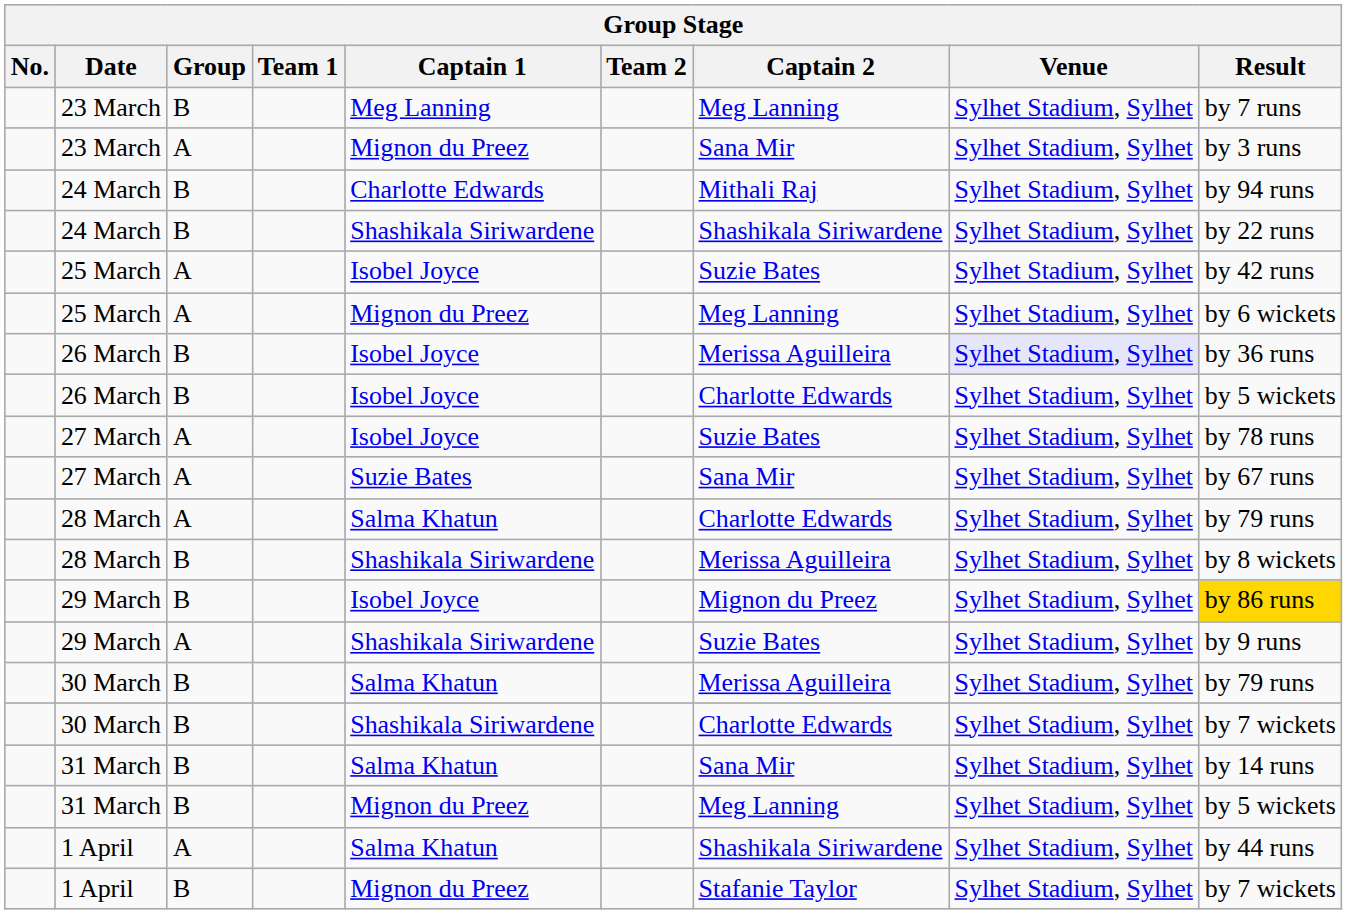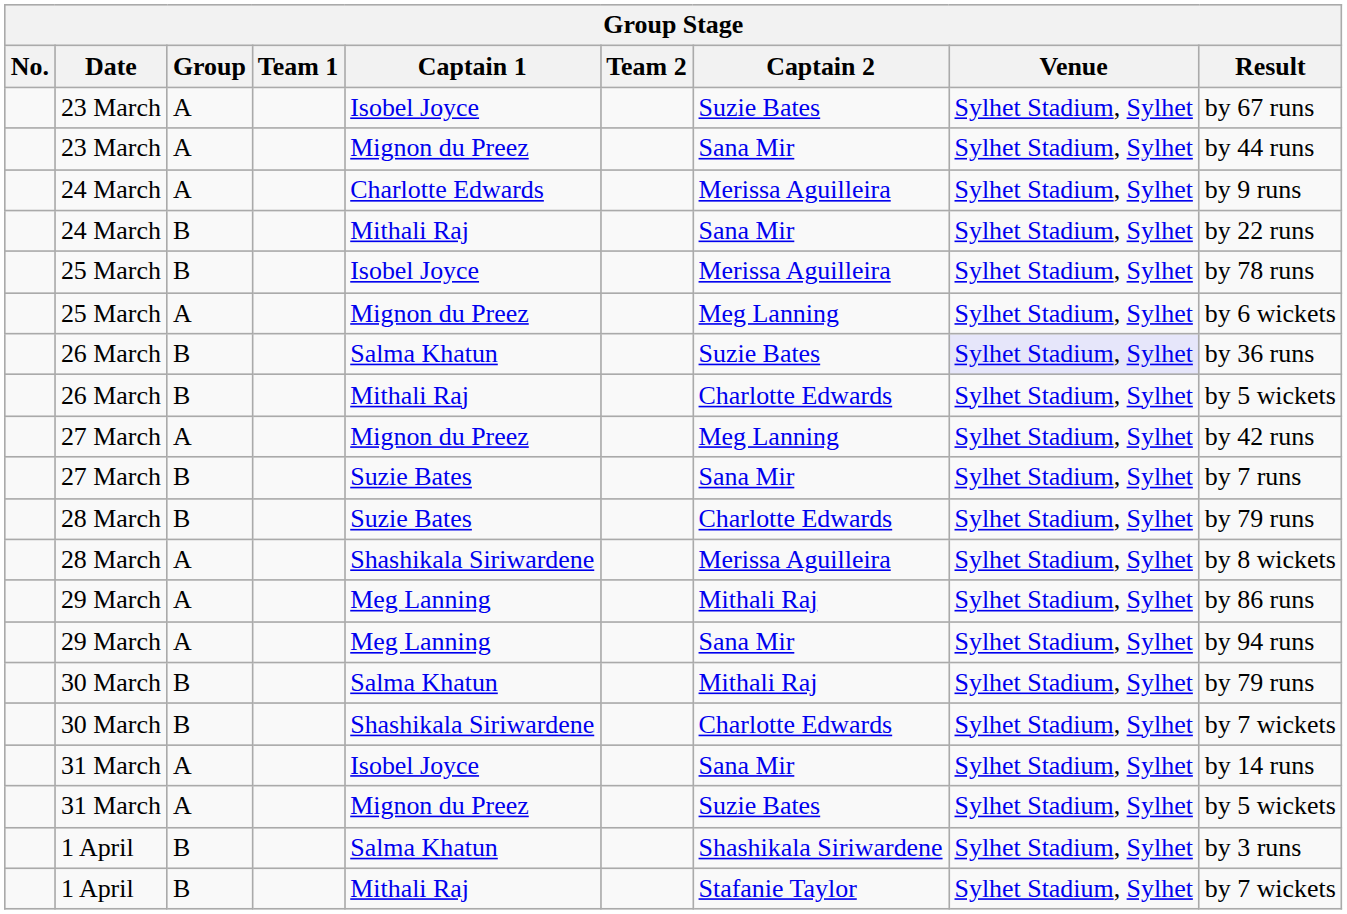 <table class="wikitable">
 <tr>
 <th colspan="9">Group Stage</th>
 </tr>
 <tr>
 <th>No.</th>
 <th>Date</th>
 <th>Group</th>
 <th>Team 1</th>
 <th>Captain 1</th>
 <th>Team 2</th>
 <th>Captain 2</th>
 <th>Venue</th>
 <th>Result</th>
 </tr>
 <tr>
 <td></td>
 <td>23 March</td>
-<td>B</td>
+<td>A</td>
 <td></td>
-<td><a href='#'>Meg Lanning</a></td>
+<td><a href='#'>Isobel Joyce</a></td>
 <td></td>
-<td><a href='#'>Meg Lanning</a></td>
+<td><a href='#'>Suzie Bates</a></td>
 <td><a href='#'>Sylhet Stadium</a>, <a href='#'>Sylhet</a></td>
-<td> by 7 runs</td>
+<td> by 67 runs</td>
 </tr>
 <tr>
 <td></td>
 <td>23 March</td>
 <td>A</td>
 <td></td>
 <td><a href='#'>Mignon du Preez</a></td>
 <td></td>
 <td><a href='#'>Sana Mir</a></td>
 <td><a href='#'>Sylhet Stadium</a>, <a href='#'>Sylhet</a></td>
-<td> by 3 runs</td>
+<td> by 44 runs</td>
+</tr>
+<tr>
+<td></td>
+<td>24 March</td>
+<td>A</td>
+<td></td>
+<td><a href='#'>Charlotte Edwards</a></td>
+<td></td>
+<td><a href='#'>Merissa Aguilleira</a></td>
+<td><a href='#'>Sylhet Stadium</a>, <a href='#'>Sylhet</a></td>
+<td> by 9 runs</td>
 </tr>
 <tr>
 <td></td>
 <td>24 March</td>
 <td>B</td>
 <td></td>
-<td><a href='#'>Charlotte Edwards</a></td>
+<td><a href='#'>Mithali Raj</a></td>
 <td></td>
-<td><a href='#'>Mithali Raj</a></td>
-<td><a href='#'>Sylhet Stadium</a>, <a href='#'>Sylhet</a></td>
-<td> by 94 runs</td>
-</tr>
-<tr>
-<td></td>
-<td>24 March</td>
-<td>B</td>
-<td></td>
-<td><a href='#'>Shashikala Siriwardene</a></td>
-<td></td>
-<td><a href='#'>Shashikala Siriwardene</a></td>
+<td><a href='#'>Sana Mir</a></td>
 <td><a href='#'>Sylhet Stadium</a>, <a href='#'>Sylhet</a></td>
 <td> by 22 runs</td>
 </tr>
 <tr>
 <td></td>
 <td>25 March</td>
-<td>A</td>
+<td>B</td>
 <td></td>
 <td><a href='#'>Isobel Joyce</a></td>
 <td></td>
-<td><a href='#'>Suzie Bates</a></td>
+<td><a href='#'>Merissa Aguilleira</a></td>
 <td><a href='#'>Sylhet Stadium</a>, <a href='#'>Sylhet</a></td>
-<td> by 42 runs</td>
+<td> by 78 runs</td>
 </tr>
 <tr>
 <td></td>
 <td>25 March</td>
 <td>A</td>
 <td></td>
 <td><a href='#'>Mignon du Preez</a></td>
 <td></td>
 <td><a href='#'>Meg Lanning</a></td>
 <td><a href='#'>Sylhet Stadium</a>, <a href='#'>Sylhet</a></td>
 <td> by 6 wickets</td>
 </tr>
 <tr>
 <td></td>
 <td>26 March</td>
 <td>B</td>
 <td></td>
-<td><a href='#'>Isobel Joyce</a></td>
+<td><a href='#'>Salma Khatun</a></td>
 <td></td>
-<td><a href='#'>Merissa Aguilleira</a></td>
+<td><a href='#'>Suzie Bates</a></td>
 <td style="background: lavender;"><a href='#'>Sylhet Stadium</a>, <a href='#'>Sylhet</a></td>
 <td> by 36 runs</td>
 </tr>
 <tr>
 <td></td>
 <td>26 March</td>
 <td>B</td>
 <td></td>
-<td><a href='#'>Isobel Joyce</a></td>
+<td><a href='#'>Mithali Raj</a></td>
 <td></td>
 <td><a href='#'>Charlotte Edwards</a></td>
 <td><a href='#'>Sylhet Stadium</a>, <a href='#'>Sylhet</a></td>
 <td> by 5 wickets</td>
 </tr>
 <tr>
 <td></td>
 <td>27 March</td>
 <td>A</td>
 <td></td>
-<td><a href='#'>Isobel Joyce</a></td>
+<td><a href='#'>Mignon du Preez</a></td>
 <td></td>
-<td><a href='#'>Suzie Bates</a></td>
+<td><a href='#'>Meg Lanning</a></td>
 <td><a href='#'>Sylhet Stadium</a>, <a href='#'>Sylhet</a></td>
-<td> by 78 runs</td>
+<td> by 42 runs</td>
 </tr>
 <tr>
 <td></td>
 <td>27 March</td>
-<td>A</td>
+<td>B</td>
 <td></td>
 <td><a href='#'>Suzie Bates</a></td>
 <td></td>
 <td><a href='#'>Sana Mir</a></td>
 <td><a href='#'>Sylhet Stadium</a>, <a href='#'>Sylhet</a></td>
-<td> by 67 runs</td>
+<td> by 7 runs</td>
 </tr>
 <tr>
 <td></td>
 <td>28 March</td>
-<td>A</td>
+<td>B</td>
 <td></td>
-<td><a href='#'>Salma Khatun</a></td>
+<td><a href='#'>Suzie Bates</a></td>
 <td></td>
 <td><a href='#'>Charlotte Edwards</a></td>
 <td><a href='#'>Sylhet Stadium</a>, <a href='#'>Sylhet</a></td>
 <td> by 79 runs</td>
 </tr>
 <tr>
 <td></td>
 <td>28 March</td>
-<td>B</td>
+<td>A</td>
 <td></td>
 <td><a href='#'>Shashikala Siriwardene</a></td>
 <td></td>
 <td><a href='#'>Merissa Aguilleira</a></td>
 <td><a href='#'>Sylhet Stadium</a>, <a href='#'>Sylhet</a></td>
 <td> by 8 wickets</td>
 </tr>
 <tr>
 <td></td>
 <td>29 March</td>
-<td>B</td>
+<td>A</td>
 <td></td>
-<td><a href='#'>Isobel Joyce</a></td>
+<td><a href='#'>Meg Lanning</a></td>
 <td></td>
-<td><a href='#'>Mignon du Preez</a></td>
+<td><a href='#'>Mithali Raj</a></td>
 <td><a href='#'>Sylhet Stadium</a>, <a href='#'>Sylhet</a></td>
-<td style="background: gold;"> by 86 runs</td>
+<td> by 86 runs</td>
 </tr>
 <tr>
 <td></td>
 <td>29 March</td>
 <td>A</td>
 <td></td>
-<td><a href='#'>Shashikala Siriwardene</a></td>
+<td><a href='#'>Meg Lanning</a></td>
 <td></td>
-<td><a href='#'>Suzie Bates</a></td>
+<td><a href='#'>Sana Mir</a></td>
 <td><a href='#'>Sylhet Stadium</a>, <a href='#'>Sylhet</a></td>
-<td> by 9 runs</td>
+<td> by 94 runs</td>
 </tr>
 <tr>
 <td></td>
 <td>30 March</td>
 <td>B</td>
 <td></td>
 <td><a href='#'>Salma Khatun</a></td>
 <td></td>
-<td><a href='#'>Merissa Aguilleira</a></td>
+<td><a href='#'>Mithali Raj</a></td>
 <td><a href='#'>Sylhet Stadium</a>, <a href='#'>Sylhet</a></td>
 <td> by 79 runs</td>
 </tr>
 <tr>
 <td></td>
 <td>30 March</td>
 <td>B</td>
 <td></td>
 <td><a href='#'>Shashikala Siriwardene</a></td>
 <td></td>
 <td><a href='#'>Charlotte Edwards</a></td>
 <td><a href='#'>Sylhet Stadium</a>, <a href='#'>Sylhet</a></td>
 <td> by 7 wickets</td>
 </tr>
 <tr>
 <td></td>
 <td>31 March</td>
-<td>B</td>
+<td>A</td>
 <td></td>
-<td><a href='#'>Salma Khatun</a></td>
+<td><a href='#'>Isobel Joyce</a></td>
 <td></td>
 <td><a href='#'>Sana Mir</a></td>
 <td><a href='#'>Sylhet Stadium</a>, <a href='#'>Sylhet</a></td>
 <td> by 14 runs</td>
 </tr>
 <tr>
 <td></td>
 <td>31 March</td>
-<td>B</td>
+<td>A</td>
 <td></td>
 <td><a href='#'>Mignon du Preez</a></td>
 <td></td>
-<td><a href='#'>Meg Lanning</a></td>
+<td><a href='#'>Suzie Bates</a></td>
 <td><a href='#'>Sylhet Stadium</a>, <a href='#'>Sylhet</a></td>
 <td> by 5 wickets</td>
 </tr>
 <tr>
 <td></td>
 <td>1 April</td>
-<td>A</td>
+<td>B</td>
 <td></td>
 <td><a href='#'>Salma Khatun</a></td>
 <td></td>
 <td><a href='#'>Shashikala Siriwardene</a></td>
 <td><a href='#'>Sylhet Stadium</a>, <a href='#'>Sylhet</a></td>
-<td> by 44 runs</td>
+<td> by 3 runs</td>
 </tr>
 <tr>
 <td></td>
 <td>1 April</td>
 <td>B</td>
 <td></td>
-<td><a href='#'>Mignon du Preez</a></td>
+<td><a href='#'>Mithali Raj</a></td>
 <td></td>
 <td><a href='#'>Stafanie Taylor</a></td>
 <td><a href='#'>Sylhet Stadium</a>, <a href='#'>Sylhet</a></td>
 <td> by 7 wickets</td>
 </tr>
 </table>
